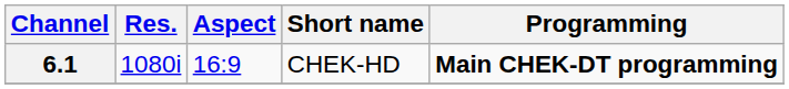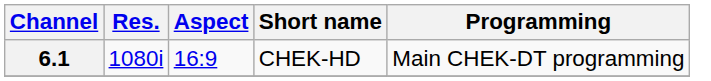 <table class="wikitable">
 <tr>
 <th scope="col"><a href='#'>Channel</a></th>
 <th scope="col"><a href='#'>Res.</a></th>
 <th scope="col"><a href='#'>Aspect</a></th>
 <th scope="col">Short name</th>
 <th scope="col">Programming</th>
 </tr>
 <tr>
 <th scope="row">6.1</th>
 <td><a href='#'>1080i</a></td>
 <td><a href='#'>16:9</a></td>
 <td>CHEK-HD</td>
-<td><strong>Main CHEK-DT programming</strong></td>
+<td>Main CHEK-DT programming</td>
 </tr>
 <tr>
 </tr>
 </table>
